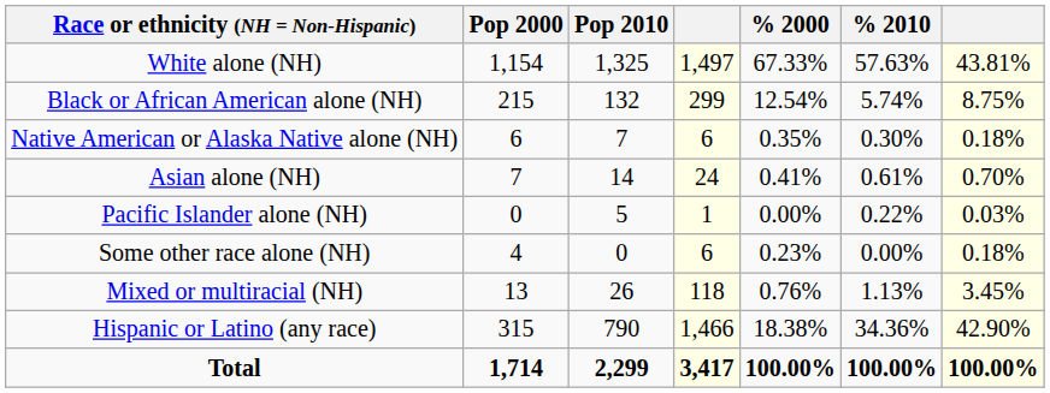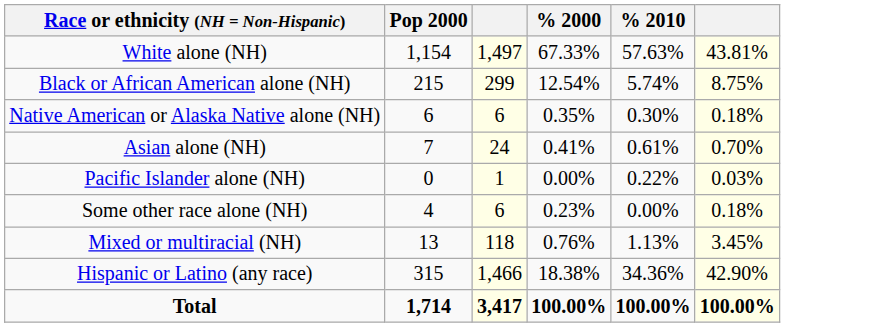 <table class="wikitable" style="text-align:center;">
 <tr>
 <th><a href='#'>Race</a> or ethnicity <small>(<em>NH = Non-Hispanic</em>)</small></th>
 <th>Pop 2000</th>
-<th>Pop 2010</th>
 <th></th>
 <th>% 2000</th>
 <th>% 2010</th>
 <th></th>
 </tr>
 <tr>
 <td><a href='#'>White</a> alone (NH)</td>
 <td>1,154</td>
-<td>1,325</td>
 <td style='background: #ffffe6;'>1,497</td>
 <td>67.33%</td>
 <td>57.63%</td>
 <td style='background: #ffffe6;'>43.81%</td>
 </tr>
 <tr>
 <td><a href='#'>Black or African American</a> alone (NH)</td>
 <td>215</td>
-<td>132</td>
 <td style='background: #ffffe6;'>299</td>
 <td>12.54%</td>
 <td>5.74%</td>
 <td style='background: #ffffe6;'>8.75%</td>
 </tr>
 <tr>
 <td><a href='#'>Native American</a> or <a href='#'>Alaska Native</a> alone (NH)</td>
 <td>6</td>
-<td>7</td>
 <td style='background: #ffffe6;'>6</td>
 <td>0.35%</td>
 <td>0.30%</td>
 <td style='background: #ffffe6;'>0.18%</td>
 </tr>
 <tr>
 <td><a href='#'>Asian</a> alone (NH)</td>
 <td>7</td>
-<td>14</td>
 <td style='background: #ffffe6;'>24</td>
 <td>0.41%</td>
 <td>0.61%</td>
 <td style='background: #ffffe6;'>0.70%</td>
 </tr>
 <tr>
 <td><a href='#'>Pacific Islander</a> alone (NH)</td>
 <td>0</td>
-<td>5</td>
 <td style='background: #ffffe6;'>1</td>
 <td>0.00%</td>
 <td>0.22%</td>
 <td style='background: #ffffe6;'>0.03%</td>
 </tr>
 <tr>
 <td>Some other race alone (NH)</td>
 <td>4</td>
-<td>0</td>
 <td style='background: #ffffe6;'>6</td>
 <td>0.23%</td>
 <td>0.00%</td>
 <td style='background: #ffffe6;'>0.18%</td>
 </tr>
 <tr>
 <td><a href='#'>Mixed or multiracial</a> (NH)</td>
 <td>13</td>
-<td>26</td>
 <td style='background: #ffffe6;'>118</td>
 <td>0.76%</td>
 <td>1.13%</td>
 <td style='background: #ffffe6;'>3.45%</td>
 </tr>
 <tr>
 <td><a href='#'>Hispanic or Latino</a> (any race)</td>
 <td>315</td>
-<td>790</td>
 <td style='background: #ffffe6;'>1,466</td>
 <td>18.38%</td>
 <td>34.36%</td>
 <td style='background: #ffffe6;'>42.90%</td>
 </tr>
 <tr>
 <td><strong>Total</strong></td>
 <td><strong>1,714</strong></td>
-<td><strong>2,299</strong></td>
 <td style='background: #ffffe6;'><strong>3,417</strong></td>
 <td><strong>100.00%</strong></td>
 <td><strong>100.00%</strong></td>
 <td style='background: #ffffe6;'><strong>100.00%</strong></td>
 </tr>
 </table>
